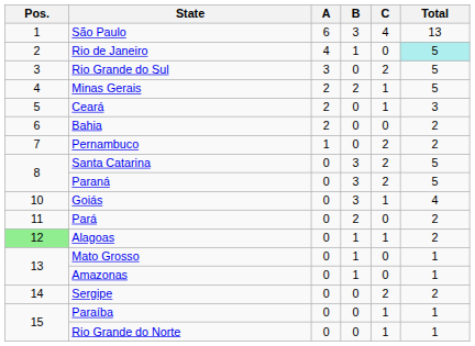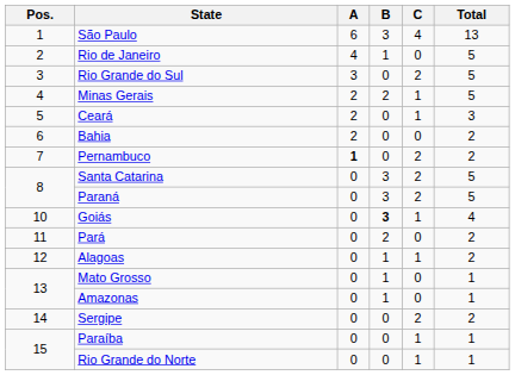 <table class="wikitable" style="width:50%;text-align:center;">
 <tr>
 <th>Pos.</th>
 <th>State</th>
 <th>A</th>
 <th>B</th>
 <th>C</th>
 <th>Total</th>
 </tr>
 <tr>
 <td>1</td>
 <td align="left"> <a href='#'>São Paulo</a></td>
 <td>6</td>
 <td>3</td>
 <td>4</td>
 <td>13</td>
 </tr>
 <tr>
 <td>2</td>
 <td align="left"> <a href='#'>Rio de Janeiro</a></td>
 <td>4</td>
 <td>1</td>
 <td>0</td>
-<td style="background: paleturquoise;">5</td>
+<td>5</td>
 </tr>
 <tr>
 <td>3</td>
 <td align="left"> <a href='#'>Rio Grande do Sul</a></td>
 <td>3</td>
 <td>0</td>
 <td>2</td>
 <td>5</td>
 </tr>
 <tr>
 <td>4</td>
 <td align="left"> <a href='#'>Minas Gerais</a></td>
 <td>2</td>
 <td>2</td>
 <td>1</td>
 <td>5</td>
 </tr>
 <tr>
 <td>5</td>
 <td align="left"> <a href='#'>Ceará</a></td>
 <td>2</td>
 <td>0</td>
 <td>1</td>
 <td>3</td>
 </tr>
 <tr>
 <td>6</td>
 <td align="left"> <a href='#'>Bahia</a></td>
 <td>2</td>
 <td>0</td>
 <td>0</td>
 <td>2</td>
 </tr>
 <tr>
 <td>7</td>
 <td align="left"> <a href='#'>Pernambuco</a></td>
-<td>1</td>
+<td><strong>1</strong></td>
 <td>0</td>
 <td>2</td>
 <td>2</td>
 </tr>
 <tr>
 <td rowspan=2>8</td>
 <td align="left"> <a href='#'>Santa Catarina</a></td>
 <td>0</td>
 <td>3</td>
 <td>2</td>
 <td>5</td>
 </tr>
 <tr>
 <td align="left"> <a href='#'>Paraná</a></td>
 <td>0</td>
 <td>3</td>
 <td>2</td>
 <td>5</td>
 </tr>
 <tr>
 <td>10</td>
 <td align="left"> <a href='#'>Goiás</a></td>
 <td>0</td>
-<td>3</td>
+<td><strong>3</strong></td>
 <td>1</td>
 <td>4</td>
 </tr>
 <tr>
 <td>11</td>
 <td align="left"> <a href='#'>Pará</a></td>
 <td>0</td>
 <td>2</td>
 <td>0</td>
 <td>2</td>
 </tr>
 <tr>
-<td style="background: lightgreen;">12</td>
+<td>12</td>
 <td align="left"> <a href='#'>Alagoas</a></td>
 <td>0</td>
 <td>1</td>
 <td>1</td>
 <td>2</td>
 </tr>
 <tr>
 <td rowspan=2>13</td>
 <td align="left"> <a href='#'>Mato Grosso</a></td>
 <td>0</td>
 <td>1</td>
 <td>0</td>
 <td>1</td>
 </tr>
 <tr>
 <td align="left"> <a href='#'>Amazonas</a></td>
 <td>0</td>
 <td>1</td>
 <td>0</td>
 <td>1</td>
 </tr>
 <tr>
 <td>14</td>
 <td align="left"> <a href='#'>Sergipe</a></td>
 <td>0</td>
 <td>0</td>
 <td>2</td>
 <td>2</td>
 </tr>
 <tr>
 <td rowspan=2>15</td>
 <td align="left"> <a href='#'>Paraíba</a></td>
 <td>0</td>
 <td>0</td>
 <td>1</td>
 <td>1</td>
 </tr>
 <tr>
 <td align="left"> <a href='#'>Rio Grande do Norte</a></td>
 <td>0</td>
 <td>0</td>
 <td>1</td>
 <td>1</td>
 </tr>
 </table>
